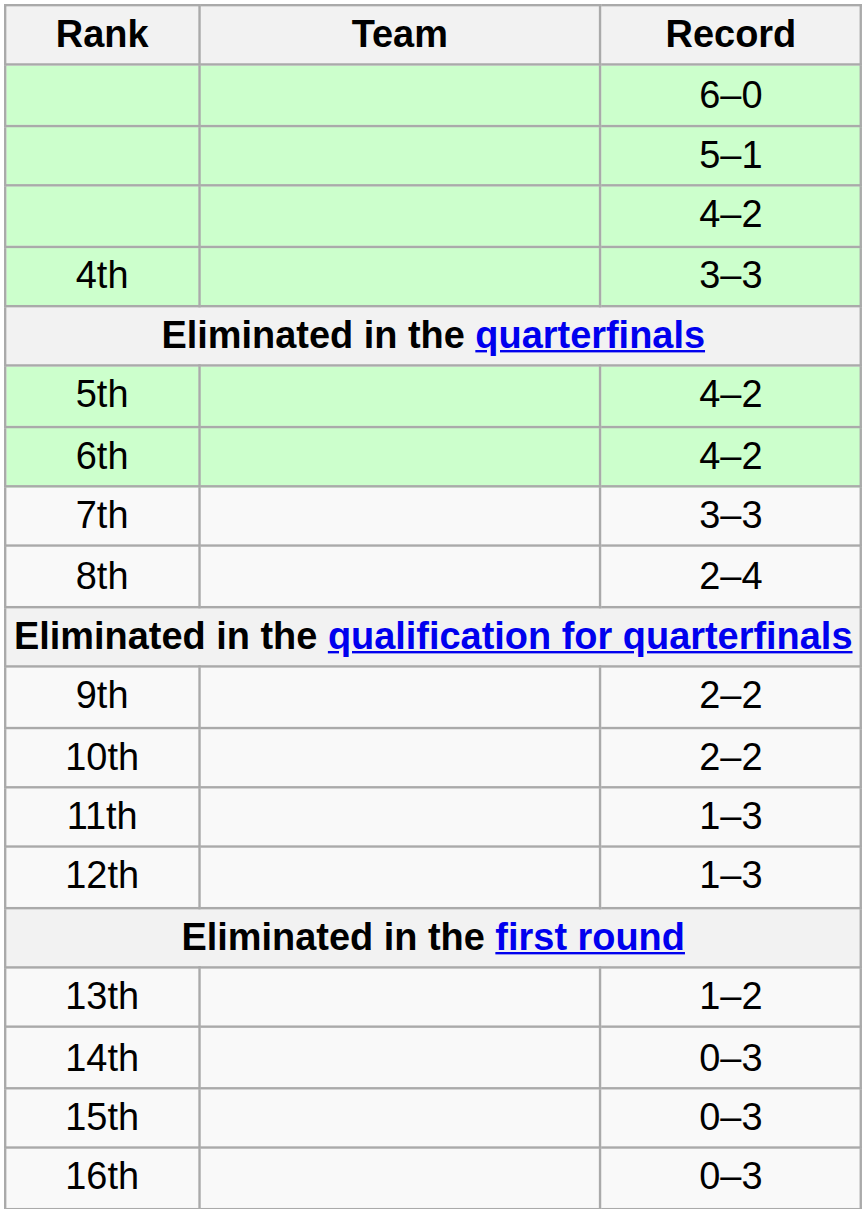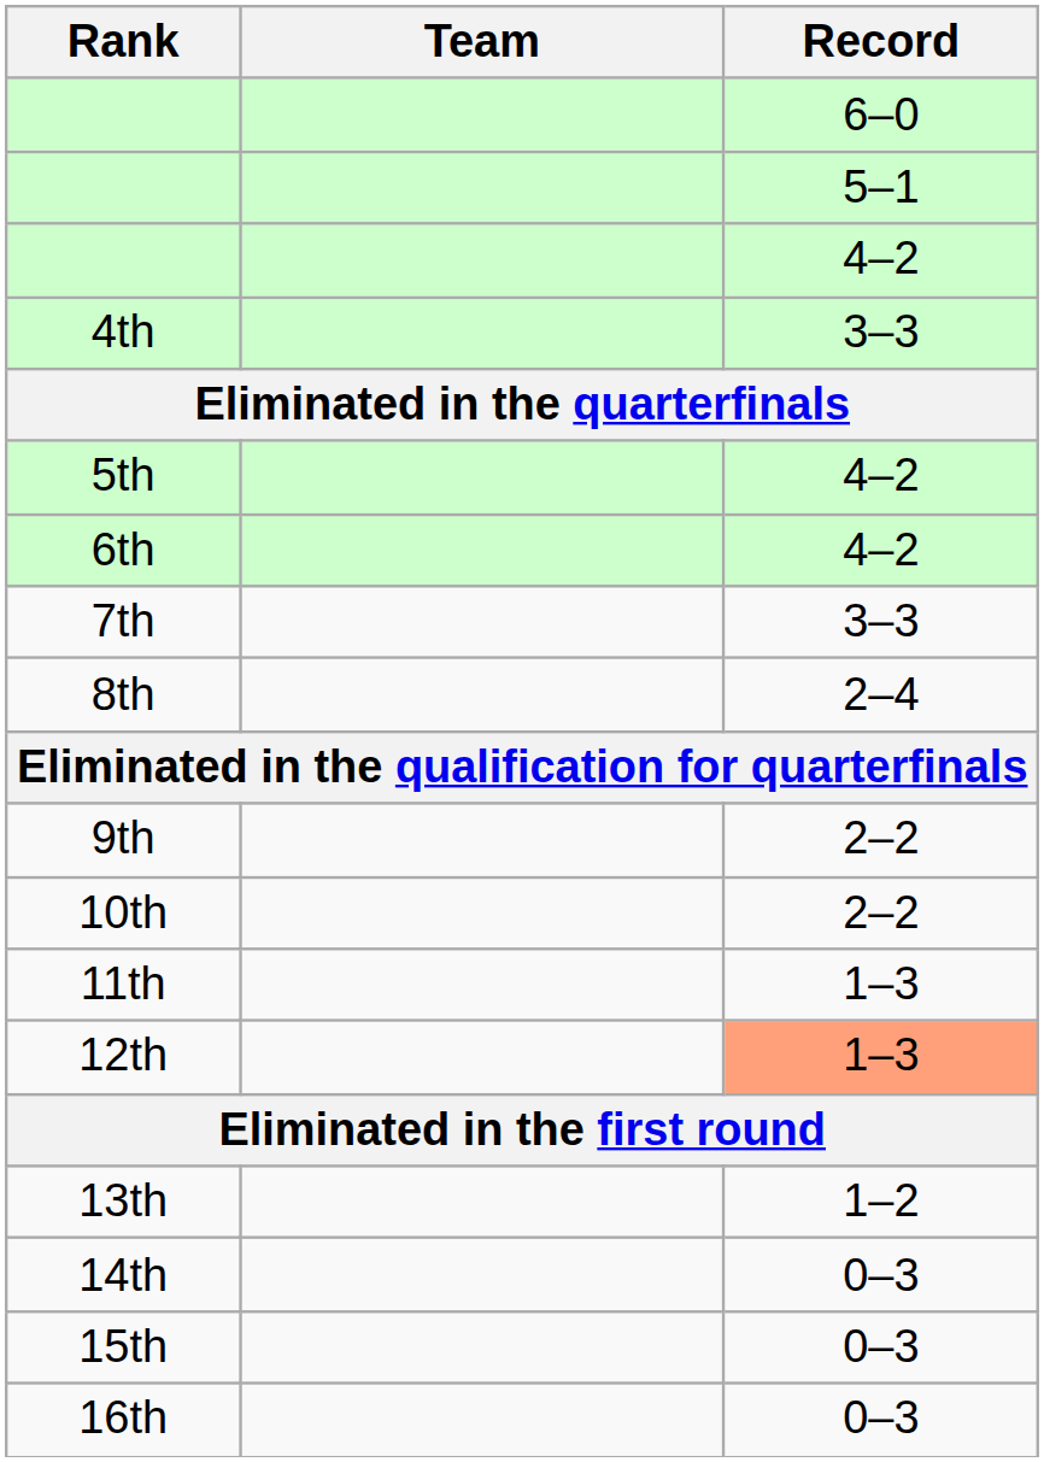 <table class=wikitable style="text-align:center;">
 <tr>
 <th>Rank</th>
 <th width=162>Team</th>
 <th>Record</th>
 </tr>
 <tr bgcolor=#ccffcc>
 <td></td>
 <td align=left></td>
 <td>6–0</td>
 </tr>
 <tr bgcolor=#ccffcc>
 <td></td>
 <td align=left></td>
 <td>5–1</td>
 </tr>
 <tr bgcolor=#ccffcc>
 <td></td>
 <td align=left></td>
 <td>4–2</td>
 </tr>
 <tr bgcolor=#ccffcc>
 <td>4th</td>
 <td align=left></td>
 <td>3–3</td>
 </tr>
 <tr>
 <th colspan=3>Eliminated in the <a href='#'>quarterfinals</a></th>
 </tr>
 <tr bgcolor=#ccffcc>
 <td>5th</td>
 <td align=left></td>
 <td>4–2</td>
 </tr>
 <tr bgcolor=#ccffcc>
 <td>6th</td>
 <td align=left></td>
 <td>4–2</td>
 </tr>
 <tr>
 <td>7th</td>
 <td align=left></td>
 <td>3–3</td>
 </tr>
 <tr>
 <td>8th</td>
 <td align=left></td>
 <td>2–4</td>
 </tr>
 <tr>
 <th colspan=3>Eliminated in the <a href='#'>qualification for quarterfinals</a></th>
 </tr>
 <tr>
 <td>9th</td>
 <td align=left></td>
 <td>2–2</td>
 </tr>
 <tr>
 <td>10th</td>
 <td align=left></td>
 <td>2–2</td>
 </tr>
 <tr>
 <td>11th</td>
 <td align=left></td>
 <td>1–3</td>
 </tr>
 <tr>
 <td>12th</td>
 <td align=left></td>
-<td>1–3</td>
+<td style="background: lightsalmon;">1–3</td>
 </tr>
 <tr>
 <th colspan=3>Eliminated in the <a href='#'>first round</a></th>
 </tr>
 <tr>
 <td>13th</td>
 <td align=left></td>
 <td>1–2</td>
 </tr>
 <tr>
 <td>14th</td>
 <td align=left></td>
 <td>0–3</td>
 </tr>
 <tr>
 <td>15th</td>
 <td align=left></td>
 <td>0–3</td>
 </tr>
 <tr>
 <td>16th</td>
 <td align=left></td>
 <td>0–3</td>
 </tr>
 </table>
